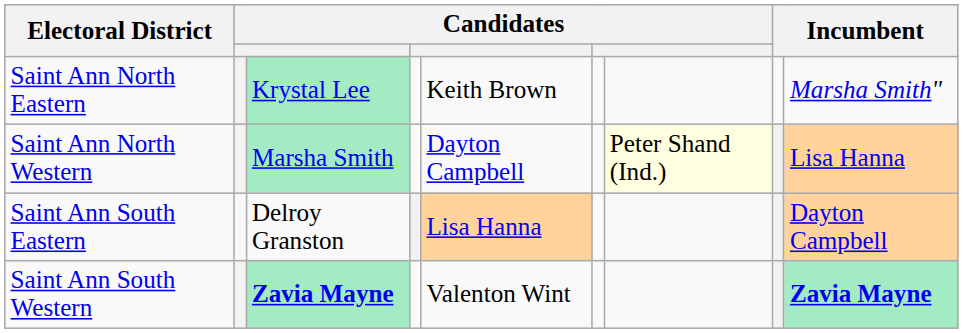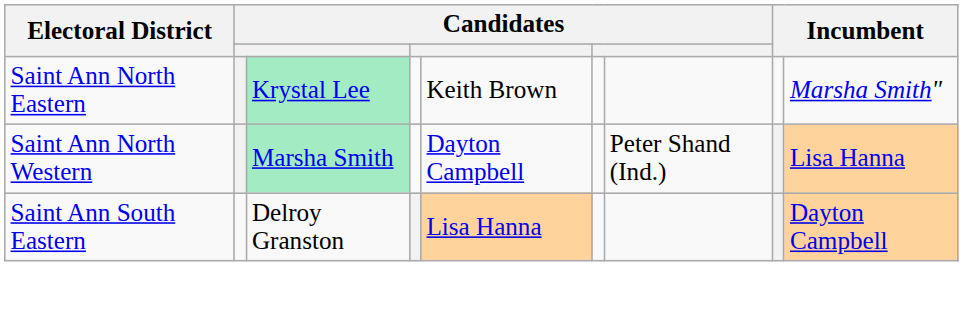 <table class="wikitable">
 <tr>
 <th rowspan="2">Electoral District</th>
 <th colspan="6">Candidates</th>
 <th colspan="2" rowspan="2">Incumbent</th>
 </tr>
 <tr>
 <th colspan="2" style="background:"><a href='#'></a></th>
 <th colspan="2" style="background:"><a href='#'></a></th>
 <th colspan="2" style="background:"></th>
 </tr>
 <tr>
 <td><a href='#'>Saint Ann North Eastern</a></td>
 <th style="background:"></th>
 <td style="background:#a3ebc3"><a href='#'>Krystal Lee</a></td>
 <td></td>
 <td>Keith Brown</td>
 <td></td>
 <td></td>
 <td></td>
 <td><em><a href='#'>Marsha Smith</a>"</td>
 </tr>
 <tr>
 <td><a href='#'>Saint Ann North Western</a></td>
 <th style="background:"></th>
 <td style="background:#a3ebc3"><a href='#'>Marsha Smith</a></td>
 <td></td>
 <td><a href='#'>Dayton Campbell</a></td>
 <td></td>
-<td style="background: lightyellow;">Peter Shand (Ind.)</td>
+<td>Peter Shand (Ind.)</td>
 <th style="background:"></th>
 <td style="background:#FFD39B"><a href='#'>Lisa Hanna</a></td>
 </tr>
 <tr>
 <td><a href='#'>Saint Ann South Eastern</a></td>
 <td></td>
 <td>Delroy Granston</td>
 <th style="background:"></th>
 <td style="background:#FFD39B"><a href='#'>Lisa Hanna</a></td>
 <td></td>
 <td></td>
 <th style="background:"></th>
 <td style="background:#FFD39B"><a href='#'>Dayton Campbell</a></td>
 </tr>
-<tr>
-<td><a href='#'>Saint Ann South Western</a></td>
-<th style="background:"></th>
-<td style="background:#a3ebc3"><strong><a href='#'>Zavia Mayne</a></strong></td>
-<td></td>
-<td>Valenton Wint</td>
-<td></td>
-<td></td>
-<th style="background:"></th>
-<td style="background:#a3ebc3"><strong><a href='#'>Zavia Mayne</a></strong></td>
-</tr>
 </table>
